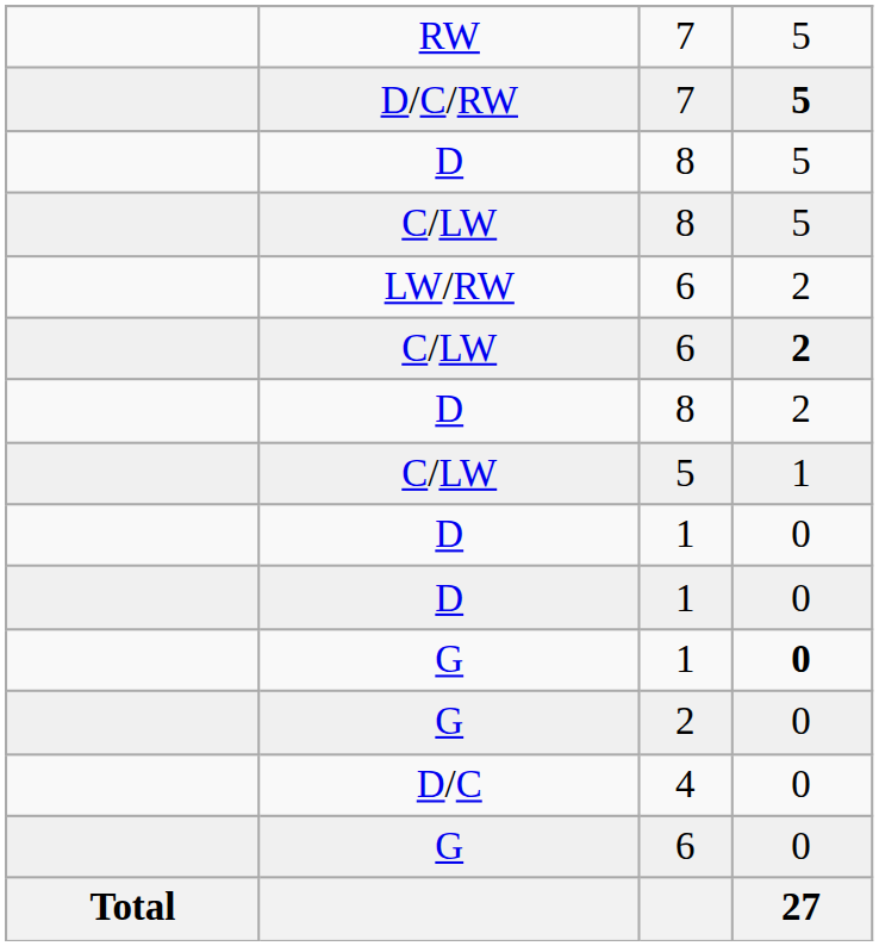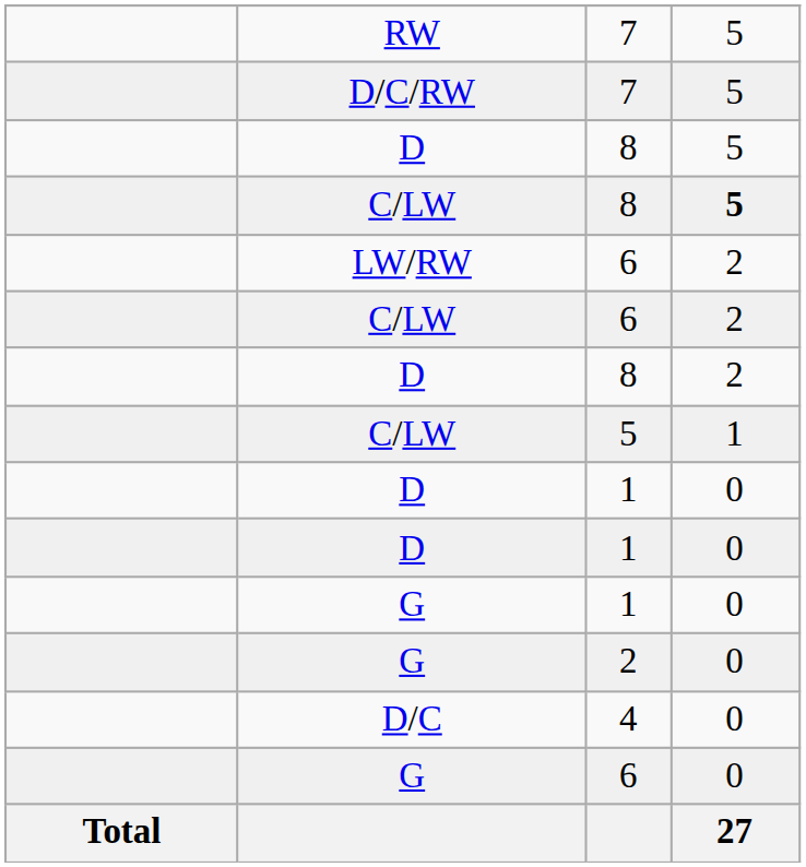 <table class="wikitable sortable" width ="40%">
 <tr align="center">
 </tr>
 <tr align="center" bgcolor="">
 <td></td>
 <td><a href='#'>RW</a></td>
 <td>7</td>
 <td>5</td>
 </tr>
 <tr align="center" bgcolor="f0f0f0">
 <td></td>
 <td><a href='#'>D</a>/<a href='#'>C</a>/<a href='#'>RW</a></td>
 <td>7</td>
-<td><strong>5</strong></td>
+<td>5</td>
 </tr>
 <tr align="center" bgcolor="">
 <td></td>
 <td><a href='#'>D</a></td>
 <td>8</td>
 <td>5</td>
 </tr>
 <tr align="center" bgcolor="f0f0f0">
 <td></td>
 <td><a href='#'>C</a>/<a href='#'>LW</a></td>
 <td>8</td>
-<td>5</td>
+<td><strong>5</strong></td>
 </tr>
 <tr align="center" bgcolor="">
 <td></td>
 <td><a href='#'>LW</a>/<a href='#'>RW</a></td>
 <td>6</td>
 <td>2</td>
 </tr>
 <tr align="center" bgcolor="f0f0f0">
 <td></td>
 <td><a href='#'>C</a>/<a href='#'>LW</a></td>
 <td>6</td>
-<td><strong>2</strong></td>
+<td>2</td>
 </tr>
 <tr align="center" bgcolor="">
 <td></td>
 <td><a href='#'>D</a></td>
 <td>8</td>
 <td>2</td>
 </tr>
 <tr align="center" bgcolor="f0f0f0">
 <td></td>
 <td><a href='#'>C</a>/<a href='#'>LW</a></td>
 <td>5</td>
 <td>1</td>
 </tr>
 <tr align="center" bgcolor="">
 <td></td>
 <td><a href='#'>D</a></td>
 <td>1</td>
 <td>0</td>
 </tr>
 <tr align="center" bgcolor="f0f0f0">
 <td></td>
 <td><a href='#'>D</a></td>
 <td>1</td>
 <td>0</td>
 </tr>
 <tr align="center" bgcolor="">
 <td></td>
 <td><a href='#'>G</a></td>
 <td>1</td>
-<td><strong>0</strong></td>
+<td>0</td>
 </tr>
 <tr align="center" bgcolor="f0f0f0">
 <td></td>
 <td><a href='#'>G</a></td>
 <td>2</td>
 <td>0</td>
 </tr>
 <tr align="center" bgcolor="">
 <td></td>
 <td><a href='#'>D</a>/<a href='#'>C</a></td>
 <td>4</td>
 <td>0</td>
 </tr>
 <tr align="center" bgcolor="f0f0f0">
 <td></td>
 <td><a href='#'>G</a></td>
 <td>6</td>
 <td>0</td>
 </tr>
 <tr>
 <th>Total</th>
 <th></th>
 <th></th>
 <th>27</th>
 </tr>
 </table>
